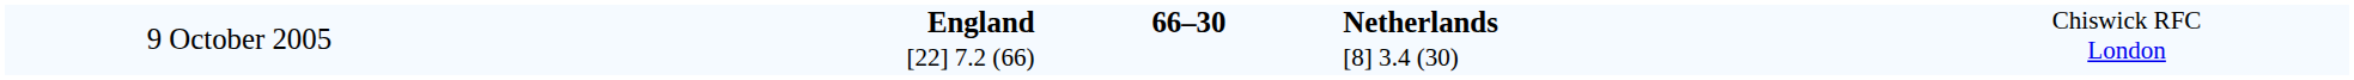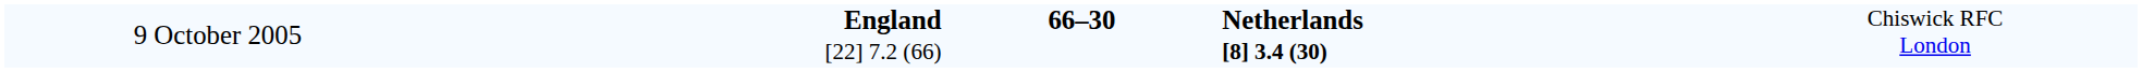 <table style="width: 100%; background:#F5FAFF;" cellspacing="0">
 <tr>
 <td align=center rowspan=3 width=20%>9 October 2005</td>
 </tr>
 <tr>
 <td width=24% align=right><strong>England</strong></td>
 <td align=center width=13%><strong>66–30</strong></td>
 <td width=24%><strong>Netherlands</strong></td>
 <td style=font-size:85% rowspan=3 valign=top align=center>Chiswick RFC<br><a href='#'>London</a></td>
 </tr>
 <tr style=font-size:85%>
 <td align=right>[22] 7.2 (66)</td>
 <td></td>
-<td>[8] 3.4 (30)</td>
+<td><strong>[8] 3.4 (30)</strong></td>
 </tr>
 </table>
